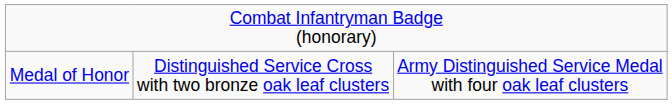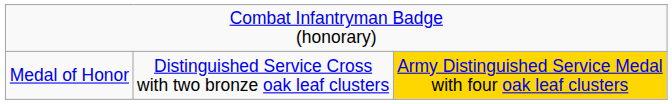 <table class="wikitable" style="margin-left: auto; margin-right: auto; text-align: center; margin-bottom: -1px;">
 <tr>
 <td colspan="6"><a href='#'>Combat Infantryman Badge</a><br>(honorary)</td>
 </tr>
 <tr>
 <td><a href='#'>Medal of Honor</a></td>
 <td><a href='#'>Distinguished Service Cross</a><br>with two bronze <a href='#'>oak leaf clusters</a></td>
-<td><a href='#'>Army Distinguished Service Medal</a><br>with four <a href='#'>oak leaf clusters</a></td>
+<td style="background: gold;"><a href='#'>Army Distinguished Service Medal</a><br>with four <a href='#'>oak leaf clusters</a></td>
 </tr>
 </table>
